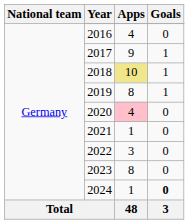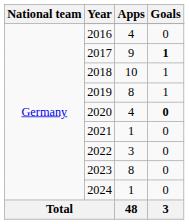 <table class="wikitable" style="text-align: center;">
 <tr>
 <th>National team</th>
 <th>Year</th>
 <th>Apps</th>
 <th>Goals</th>
 </tr>
 <tr>
 <td rowspan="10"><a href='#'>Germany</a></td>
 </tr>
 <tr>
 <td>2016</td>
 <td>4</td>
 <td>0</td>
 </tr>
 <tr>
 <td>2017</td>
 <td>9</td>
-<td>1</td>
+<td><strong>1</strong></td>
 </tr>
 <tr>
 <td>2018</td>
-<td style="background: khaki;">10</td>
+<td>10</td>
 <td>1</td>
 </tr>
 <tr>
 <td>2019</td>
 <td>8</td>
 <td>1</td>
 </tr>
 <tr>
 <td>2020</td>
-<td style="background: pink;">4</td>
-<td>0</td>
+<td>4</td>
+<td><strong>0</strong></td>
 </tr>
 <tr>
 <td>2021</td>
 <td>1</td>
 <td>0</td>
 </tr>
 <tr>
 <td>2022</td>
 <td>3</td>
 <td>0</td>
 </tr>
 <tr>
 <td>2023</td>
 <td>8</td>
 <td>0</td>
 </tr>
 <tr>
 <td>2024</td>
 <td>1</td>
-<td><strong>0</strong></td>
+<td>0</td>
 </tr>
 <tr>
 <th colspan=2>Total</th>
 <th>48</th>
 <th>3</th>
 </tr>
 </table>
